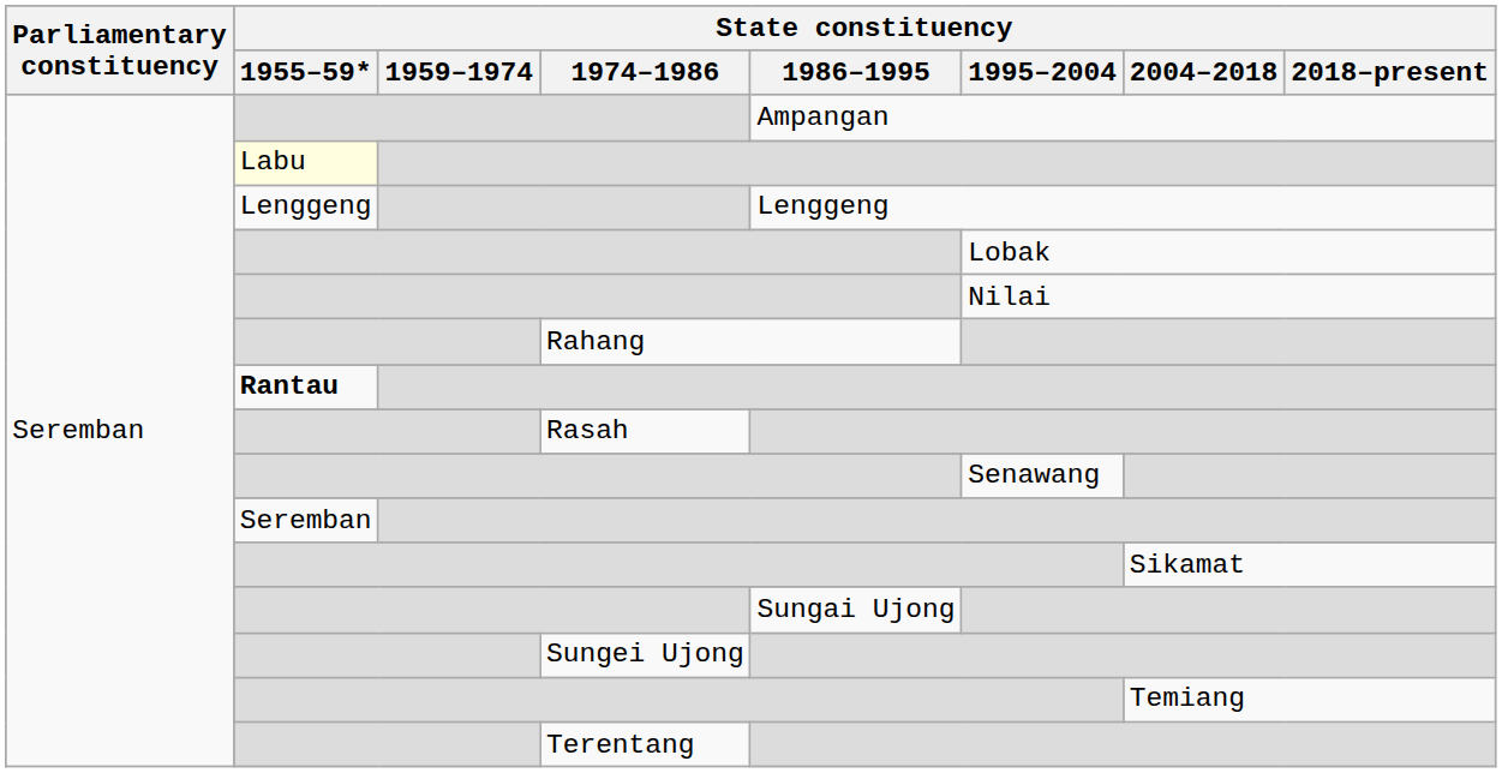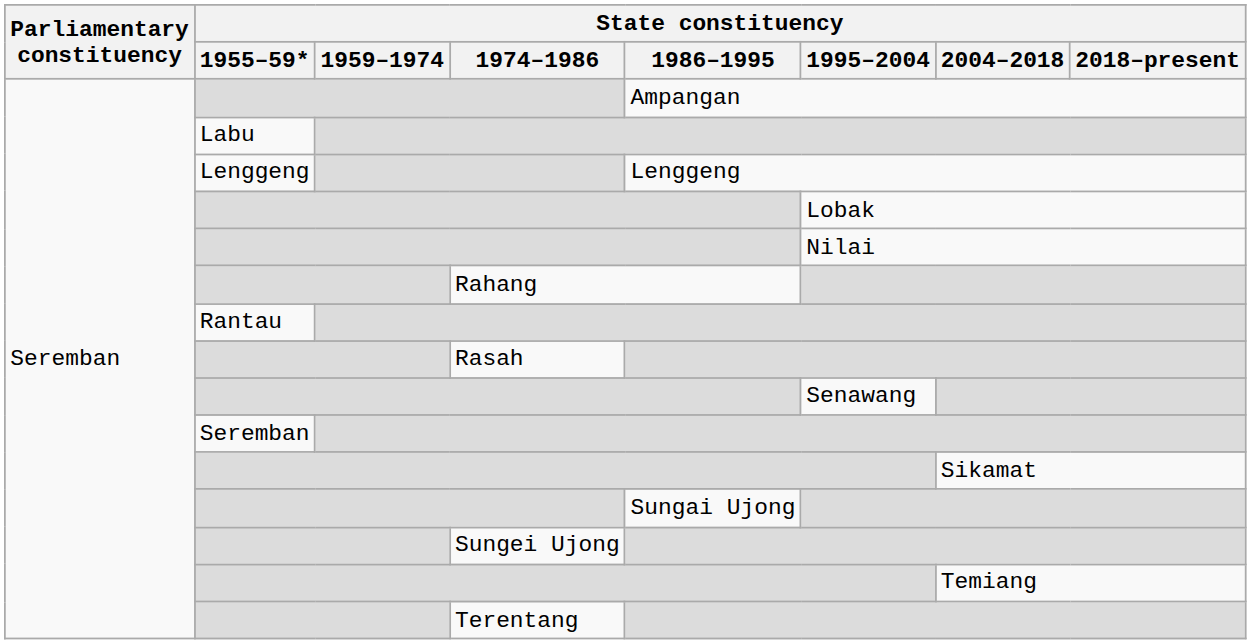 <table class="wikitable">
 <tr>
 <th rowspan="2">Parliamentary<br>constituency</th>
 <th colspan="7">State constituency</th>
 </tr>
 <tr>
 <th>1955–59*</th>
 <th>1959–1974</th>
 <th>1974–1986</th>
 <th>1986–1995</th>
 <th>1995–2004</th>
 <th>2004–2018</th>
 <th>2018–present</th>
 </tr>
 <tr>
 <td rowspan="15">Seremban</td>
 <td colspan="3" bgcolor="dcdcdc"></td>
 <td colspan="4">Ampangan</td>
 </tr>
 <tr>
-<td style="background: lightyellow;">Labu</td>
+<td>Labu</td>
 <td colspan="6" bgcolor="dcdcdc"></td>
 </tr>
 <tr>
 <td>Lenggeng</td>
 <td colspan="2" bgcolor="dcdcdc"></td>
 <td colspan="4">Lenggeng</td>
 </tr>
 <tr>
 <td colspan="4" bgcolor="dcdcdc"></td>
 <td colspan="3">Lobak</td>
 </tr>
 <tr>
 <td colspan="4" bgcolor="dcdcdc"></td>
 <td colspan="3">Nilai</td>
 </tr>
 <tr>
 <td colspan="2" bgcolor="dcdcdc"></td>
 <td colspan="2">Rahang</td>
 <td colspan="3" bgcolor="dcdcdc"></td>
 </tr>
 <tr>
-<td><strong>Rantau</strong></td>
+<td>Rantau</td>
 <td colspan="6" bgcolor="dcdcdc"></td>
 </tr>
 <tr>
 <td colspan="2" bgcolor="dcdcdc"></td>
 <td>Rasah</td>
 <td colspan="4" bgcolor="dcdcdc"></td>
 </tr>
 <tr>
 <td colspan="4" bgcolor="dcdcdc"></td>
 <td>Senawang</td>
 <td colspan="2" bgcolor="dcdcdc"></td>
 </tr>
 <tr>
 <td>Seremban</td>
 <td colspan="6" bgcolor="dcdcdc"></td>
 </tr>
 <tr>
 <td colspan="5" bgcolor="dcdcdc"></td>
 <td colspan="2">Sikamat</td>
 </tr>
 <tr>
 <td colspan="3" bgcolor="dcdcdc"></td>
 <td>Sungai Ujong</td>
 <td colspan="3" bgcolor="dcdcdc"></td>
 </tr>
 <tr>
 <td colspan="2" bgcolor="dcdcdc"></td>
 <td>Sungei Ujong</td>
 <td colspan="4" bgcolor="dcdcdc"></td>
 </tr>
 <tr>
 <td colspan="5" bgcolor="dcdcdc"></td>
 <td colspan="2">Temiang</td>
 </tr>
 <tr>
 <td colspan="2" bgcolor="dcdcdc"></td>
 <td>Terentang</td>
 <td colspan="4" bgcolor="dcdcdc"></td>
 </tr>
 </table>
